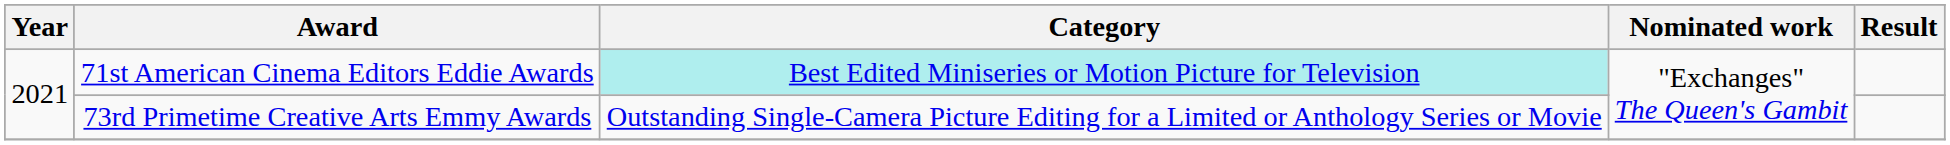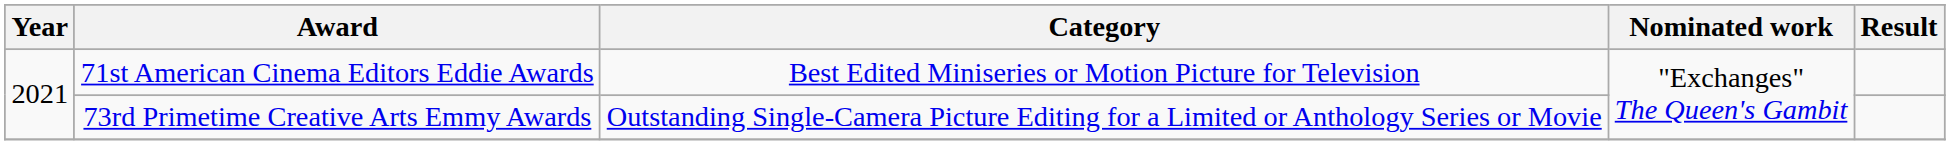 <table class="wikitable sortable plainrowheaders" style="text-align:center;">
 <tr>
 <th>Year</th>
 <th>Award</th>
 <th>Category</th>
 <th>Nominated work</th>
 <th>Result</th>
 </tr>
 <tr>
 <td rowspan="2">2021</td>
 <td><a href='#'>71st American Cinema Editors Eddie Awards</a></td>
-<td style="background: paleturquoise;"><a href='#'>Best Edited Miniseries or Motion Picture for Television</a></td>
+<td><a href='#'>Best Edited Miniseries or Motion Picture for Television</a></td>
 <td rowspan="2">"Exchanges" <br> <em><a href='#'>The Queen's Gambit</a></em></td>
 <td></td>
 </tr>
 <tr>
 <td><a href='#'>73rd Primetime Creative Arts Emmy Awards</a></td>
 <td><a href='#'>Outstanding Single-Camera Picture Editing for a Limited or Anthology Series or Movie</a></td>
 <td></td>
 </tr>
 <tr>
 </tr>
 </table>
